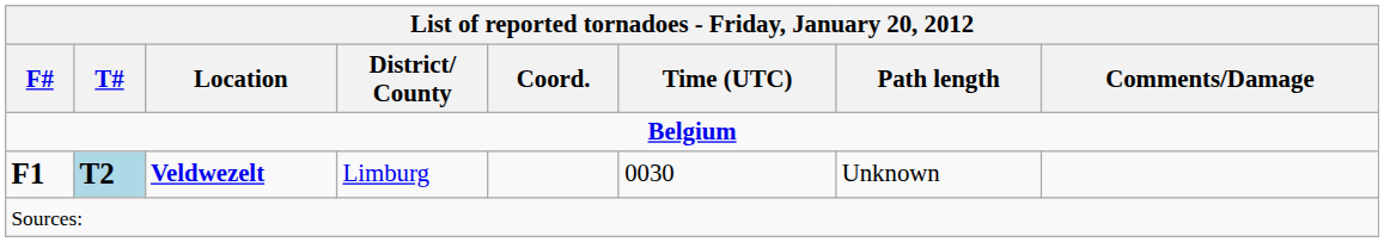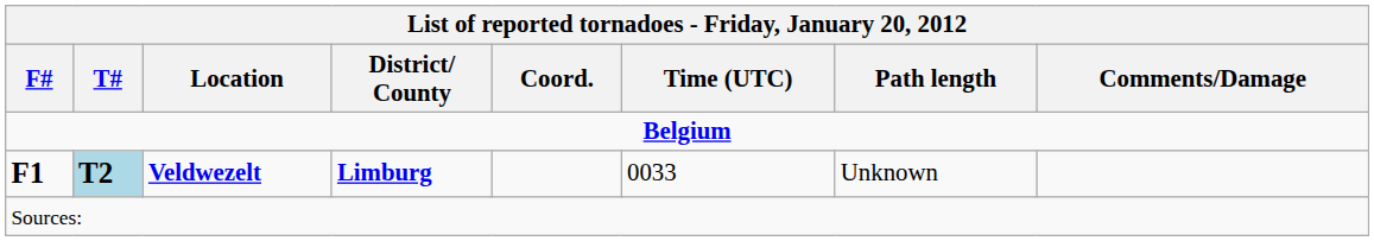 <table class="wikitable collapsible" width="100%">
 <tr>
 <th colspan="8">List of reported tornadoes - Friday, January 20, 2012</th>
 </tr>
 <tr>
 <th><a href='#'>F#</a></th>
 <th><a href='#'>T#</a></th>
 <th>Location</th>
 <th>District/<br>County</th>
 <th>Coord.</th>
 <th>Time (UTC)</th>
 <th>Path length</th>
 <th>Comments/Damage</th>
 </tr>
 <tr>
 <td colspan="8" align=center><strong><a href='#'>Belgium</a></strong></td>
 </tr>
 <tr>
 <td><big><strong>F1</strong></big></td>
 <td style="background: lightblue;"><big><strong>T2</strong></big></td>
 <td><strong><a href='#'>Veldwezelt</a></strong></td>
-<td><a href='#'>Limburg</a></td>
+<td><strong><a href='#'>Limburg</a></strong></td>
 <td></td>
-<td>0030</td>
+<td>0033</td>
 <td>Unknown</td>
 <td></td>
 </tr>
 <tr>
 <td colspan="8"><small>Sources:  </small></td>
 </tr>
 </table>
